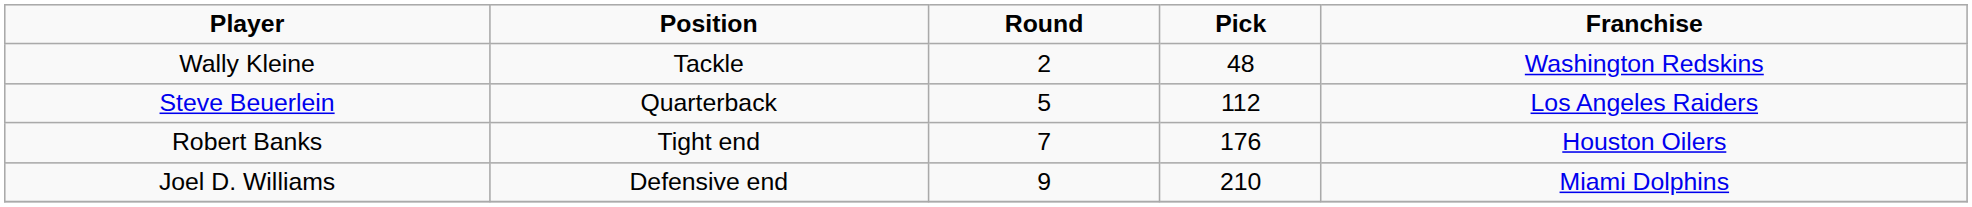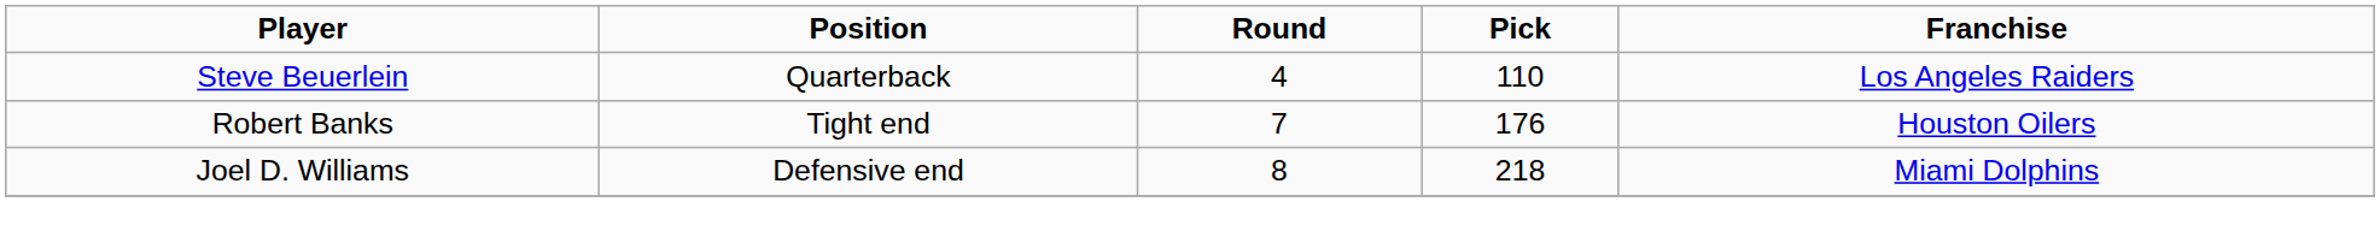 <table class="wikitable" width="80%">
 <tr align="center">
 <td><strong>Player</strong></td>
 <td><strong>Position</strong></td>
 <td><strong>Round</strong></td>
 <td><strong>Pick</strong></td>
 <td><strong>Franchise</strong></td>
 </tr>
 <tr align="center" bgcolor="">
-<td>Wally Kleine</td>
-<td>Tackle</td>
-<td>2</td>
-<td>48</td>
-<td><a href='#'>Washington Redskins</a></td>
-</tr>
-<tr align="center" bgcolor="">
 <td><a href='#'>Steve Beuerlein</a></td>
 <td>Quarterback</td>
-<td>5</td>
-<td>112</td>
+<td>4</td>
+<td>110</td>
 <td><a href='#'>Los Angeles Raiders</a></td>
 </tr>
 <tr align="center" bgcolor="">
 <td>Robert Banks</td>
 <td>Tight end</td>
 <td>7</td>
 <td>176</td>
 <td><a href='#'>Houston Oilers</a></td>
 </tr>
 <tr align="center" bgcolor="">
 <td>Joel D. Williams</td>
 <td>Defensive end</td>
-<td>9</td>
-<td>210</td>
+<td>8</td>
+<td>218</td>
 <td><a href='#'>Miami Dolphins</a></td>
 </tr>
 <tr align="center" bgcolor="">
 </tr>
 </table>
